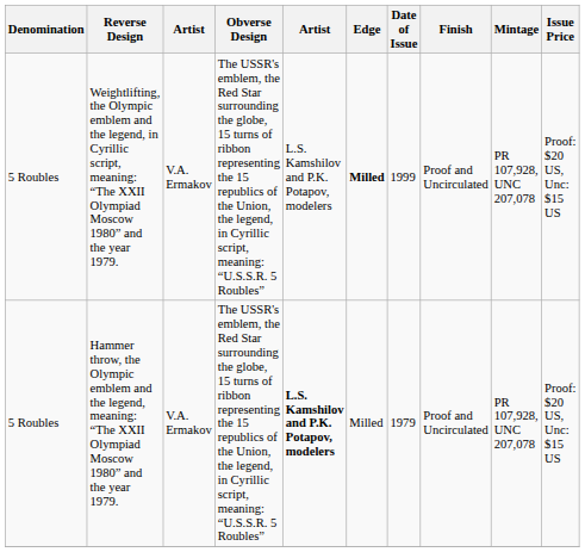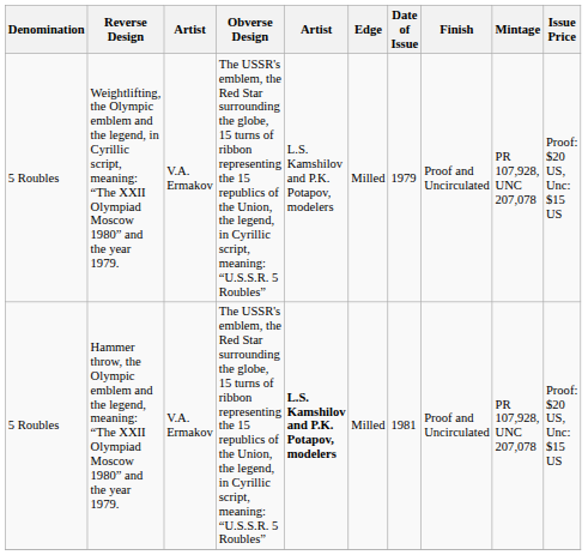 <table class="wikitable">
 <tr>
 <th>Denomination</th>
 <th>Reverse Design</th>
 <th>Artist</th>
 <th>Obverse Design</th>
 <th>Artist</th>
 <th>Edge</th>
 <th>Date of Issue</th>
 <th>Finish</th>
 <th>Mintage</th>
 <th>Issue Price</th>
 </tr>
 <tr>
 <td>5 Roubles</td>
 <td>Weightlifting, the Olympic emblem and the legend, in Cyrillic script, meaning: “The XXII Olympiad Moscow 1980” and the year 1979.</td>
 <td>V.A. Ermakov</td>
 <td>The USSR's emblem, the Red Star surrounding the globe, 15 turns of ribbon representing the 15 republics of the Union, the legend, in Cyrillic script, meaning: “U.S.S.R. 5 Roubles”</td>
 <td>L.S. Kamshilov and P.K. Potapov, modelers</td>
-<td><strong>Milled</strong></td>
-<td>1999</td>
+<td>Milled</td>
+<td>1979</td>
 <td>Proof and Uncirculated</td>
 <td>PR 107,928, UNC 207,078</td>
 <td>Proof: $20 US, Unc: $15 US</td>
 </tr>
 <tr>
 <td>5 Roubles</td>
 <td>Hammer throw, the Olympic emblem and the legend, meaning: “The XXII Olympiad Moscow 1980” and the year 1979.</td>
 <td>V.A. Ermakov</td>
 <td>The USSR's emblem, the Red Star surrounding the globe, 15 turns of ribbon representing the 15 republics of the Union, the legend, in Cyrillic script, meaning: “U.S.S.R. 5 Roubles”</td>
 <td><strong>L.S. Kamshilov and P.K. Potapov, modelers</strong></td>
 <td>Milled</td>
-<td>1979</td>
+<td>1981</td>
 <td>Proof and Uncirculated</td>
 <td>PR 107,928, UNC 207,078</td>
 <td>Proof: $20 US, Unc: $15 US</td>
 </tr>
 <tr>
 </tr>
 </table>
